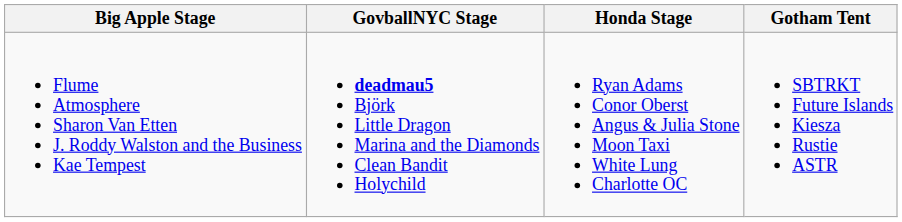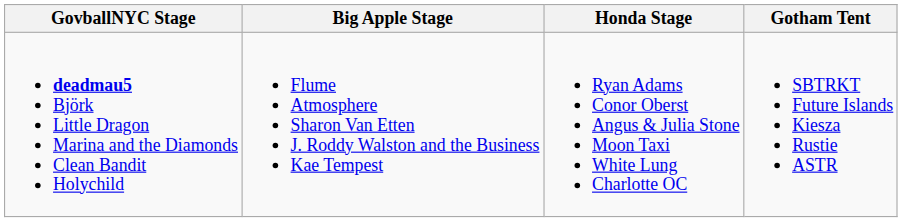 <table class="wikitable">
 <tr>
+<th>GovballNYC Stage</th>
 <th>Big Apple Stage</th>
-<th>GovballNYC Stage</th>
 <th>Honda Stage</th>
 <th>Gotham Tent</th>
 </tr>
 <tr valign="top">
+<td><br><ul><li><strong><a href='#'>deadmau5</a></strong></li><li><a href='#'>Björk</a></li><li><a href='#'>Little Dragon</a></li><li><a href='#'>Marina and the Diamonds</a></li><li><a href='#'>Clean Bandit</a></li><li><a href='#'>Holychild</a></li></ul></td>
 <td><br><ul><li><a href='#'>Flume</a></li><li><a href='#'>Atmosphere</a></li><li><a href='#'>Sharon Van Etten</a></li><li><a href='#'>J. Roddy Walston and the Business</a></li><li><a href='#'>Kae Tempest</a></li></ul></td>
-<td><br><ul><li><strong><a href='#'>deadmau5</a></strong></li><li><a href='#'>Björk</a></li><li><a href='#'>Little Dragon</a></li><li><a href='#'>Marina and the Diamonds</a></li><li><a href='#'>Clean Bandit</a></li><li><a href='#'>Holychild</a></li></ul></td>
 <td><br><ul><li><a href='#'>Ryan Adams</a></li><li><a href='#'>Conor Oberst</a></li><li><a href='#'>Angus & Julia Stone</a></li><li><a href='#'>Moon Taxi</a></li><li><a href='#'>White Lung</a></li><li><a href='#'>Charlotte OC</a></li></ul></td>
 <td><br><ul><li><a href='#'>SBTRKT</a></li><li><a href='#'>Future Islands</a></li><li><a href='#'>Kiesza</a></li><li><a href='#'>Rustie</a></li><li><a href='#'>ASTR</a></li></ul></td>
 </tr>
 </table>
